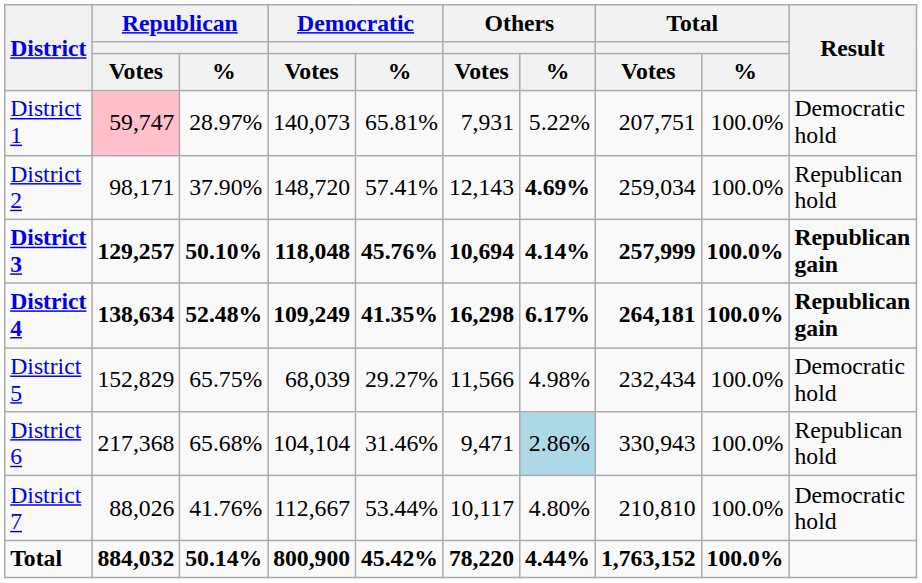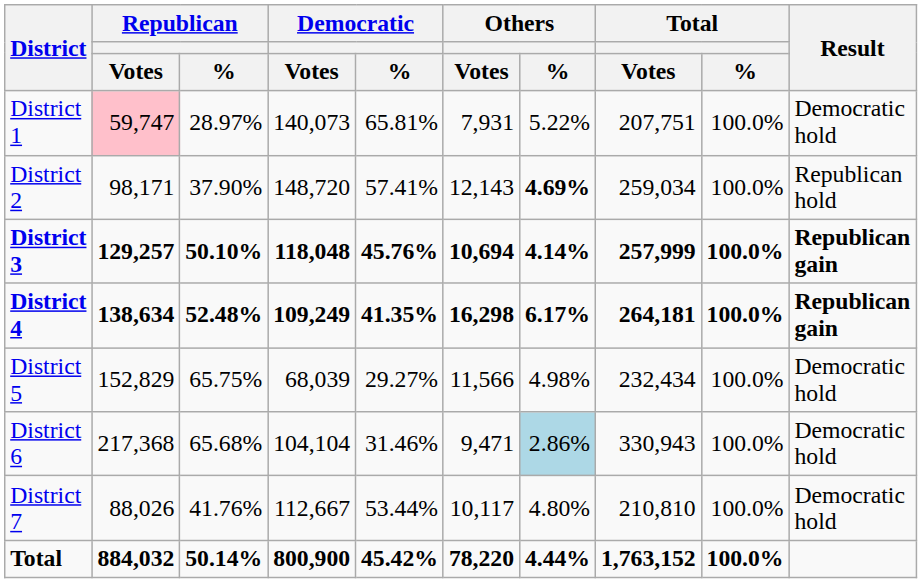 <table class="wikitable plainrowheaders sortable" style="font-size:100%; text-align:right;">
 <tr>
 <th scope=col rowspan=3><a href='#'>District</a></th>
 <th scope=col colspan=2><a href='#'>Republican</a></th>
 <th scope=col colspan=2><a href='#'>Democratic</a></th>
 <th scope=col colspan=2>Others</th>
 <th scope=col colspan=2>Total</th>
 <th scope=col rowspan=3>Result</th>
 </tr>
 <tr>
 <th scope=col colspan=2 style="background:"></th>
 <th scope=col colspan=2 style="background:"></th>
 <th scope=col colspan=2></th>
 <th scope=col colspan=2></th>
 </tr>
 <tr>
 <th scope=col data-sort-type="number">Votes</th>
 <th scope=col data-sort-type="number">%</th>
 <th scope=col data-sort-type="number">Votes</th>
 <th scope=col data-sort-type="number">%</th>
 <th scope=col data-sort-type="number">Votes</th>
 <th scope=col data-sort-type="number">%</th>
 <th scope=col data-sort-type="number">Votes</th>
 <th scope=col data-sort-type="number">%</th>
 </tr>
 <tr>
 <td align=left><a href='#'>District 1</a></td>
 <td style="background: pink;">59,747</td>
 <td>28.97%</td>
 <td>140,073</td>
 <td>65.81%</td>
 <td>7,931</td>
 <td>5.22%</td>
 <td>207,751</td>
 <td>100.0%</td>
 <td align=left>Democratic hold</td>
 </tr>
 <tr>
 <td align=left><a href='#'>District 2</a></td>
 <td>98,171</td>
 <td>37.90%</td>
 <td>148,720</td>
 <td>57.41%</td>
 <td>12,143</td>
 <td><strong>4.69%</strong></td>
 <td>259,034</td>
 <td>100.0%</td>
 <td align=left>Republican hold</td>
 </tr>
 <tr>
 <td align=left><strong><a href='#'>District 3</a></strong></td>
 <td><strong>129,257</strong></td>
 <td><strong>50.10%</strong></td>
 <td><strong>118,048</strong></td>
 <td><strong>45.76%</strong></td>
 <td><strong>10,694</strong></td>
 <td><strong>4.14%</strong></td>
 <td><strong>257,999</strong></td>
 <td><strong>100.0%</strong></td>
 <td align=left><strong>Republican gain</strong></td>
 </tr>
 <tr>
 <td align=left><strong><a href='#'>District 4</a></strong></td>
 <td><strong>138,634</strong></td>
 <td><strong>52.48%</strong></td>
 <td><strong>109,249</strong></td>
 <td><strong>41.35%</strong></td>
 <td><strong>16,298</strong></td>
 <td><strong>6.17%</strong></td>
 <td><strong>264,181</strong></td>
 <td><strong>100.0%</strong></td>
 <td align=left><strong>Republican gain</strong></td>
 </tr>
 <tr>
 <td align=left><a href='#'>District 5</a></td>
 <td>152,829</td>
 <td>65.75%</td>
 <td>68,039</td>
 <td>29.27%</td>
 <td>11,566</td>
 <td>4.98%</td>
 <td>232,434</td>
 <td>100.0%</td>
 <td align=left>Democratic hold</td>
 </tr>
 <tr>
 <td align=left><a href='#'>District 6</a></td>
 <td>217,368</td>
 <td>65.68%</td>
 <td>104,104</td>
 <td>31.46%</td>
 <td>9,471</td>
 <td style="background: lightblue;">2.86%</td>
 <td>330,943</td>
 <td>100.0%</td>
-<td align=left>Republican hold</td>
+<td align=left>Democratic hold</td>
 </tr>
 <tr>
 <td align=left><a href='#'>District 7</a></td>
 <td>88,026</td>
 <td>41.76%</td>
 <td>112,667</td>
 <td>53.44%</td>
 <td>10,117</td>
 <td>4.80%</td>
 <td>210,810</td>
 <td>100.0%</td>
 <td align=left>Democratic hold</td>
 </tr>
 <tr class="sortbottom" style="font-weight:bold">
 <td align=left>Total</td>
 <td>884,032</td>
 <td>50.14%</td>
 <td>800,900</td>
 <td>45.42%</td>
 <td>78,220</td>
 <td>4.44%</td>
 <td>1,763,152</td>
 <td>100.0%</td>
 <td></td>
 </tr>
 </table>
